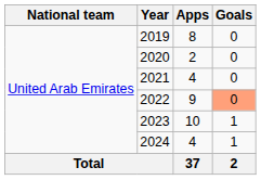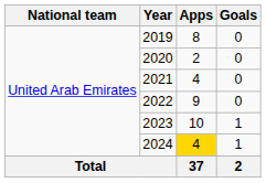 <table class="wikitable" style="text-align: center;">
 <tr>
 <th>National team</th>
 <th>Year</th>
 <th>Apps</th>
 <th>Goals</th>
 </tr>
 <tr>
 <td rowspan="6"><a href='#'>United Arab Emirates</a></td>
 <td>2019</td>
 <td>8</td>
 <td>0</td>
 </tr>
 <tr>
 <td>2020</td>
 <td>2</td>
 <td>0</td>
 </tr>
 <tr>
 <td>2021</td>
 <td>4</td>
 <td>0</td>
 </tr>
 <tr>
 <td>2022</td>
 <td>9</td>
-<td style="background: lightsalmon;">0</td>
+<td>0</td>
 </tr>
 <tr>
 <td>2023</td>
 <td>10</td>
 <td>1</td>
 </tr>
 <tr>
 <td>2024</td>
-<td>4</td>
+<td style="background: gold;">4</td>
 <td>1</td>
 </tr>
 <tr>
 <th colspan="2">Total</th>
 <th>37</th>
 <th>2</th>
 </tr>
 </table>
